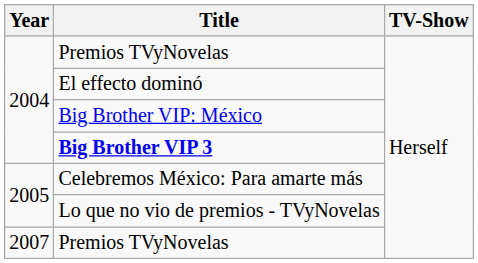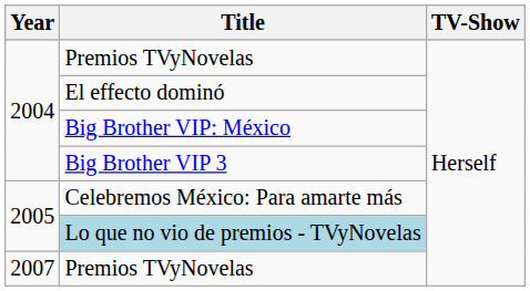 <table class="wikitable">
 <tr style="background:#b0c4de;">
 <th>Year</th>
 <th>Title</th>
 <th>TV-Show</th>
 </tr>
 <tr>
 <td rowspan=4>2004</td>
 <td>Premios TVyNovelas</td>
 <td rowspan=7>Herself</td>
 </tr>
 <tr>
 <td>El effecto dominó</td>
 </tr>
 <tr>
 <td><a href='#'>Big Brother VIP: México</a></td>
 </tr>
 <tr>
-<td><strong><a href='#'>Big Brother VIP 3</a></strong></td>
+<td><a href='#'>Big Brother VIP 3</a></td>
 </tr>
 <tr>
 <td rowspan=2>2005</td>
 <td>Celebremos México: Para amarte más</td>
 </tr>
 <tr>
-<td>Lo que no vio de premios - TVyNovelas</td>
+<td style="background: lightblue;">Lo que no vio de premios - TVyNovelas</td>
 </tr>
 <tr>
 <td>2007</td>
 <td>Premios TVyNovelas</td>
 </tr>
 </table>
